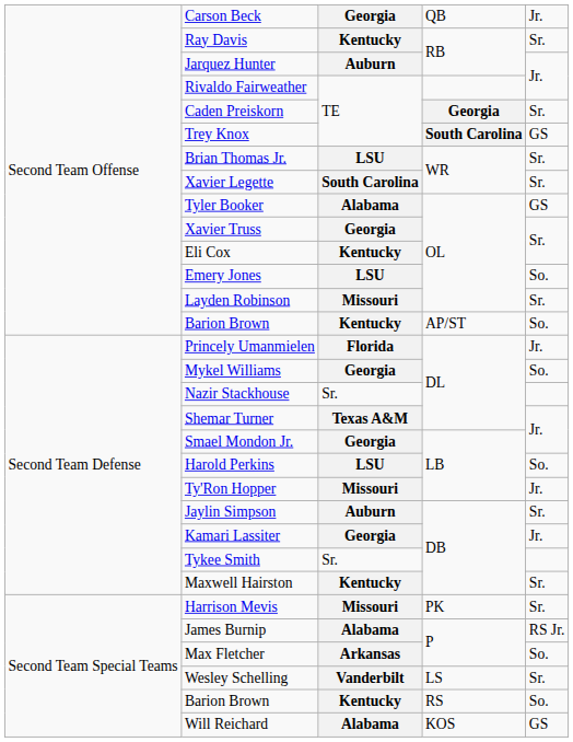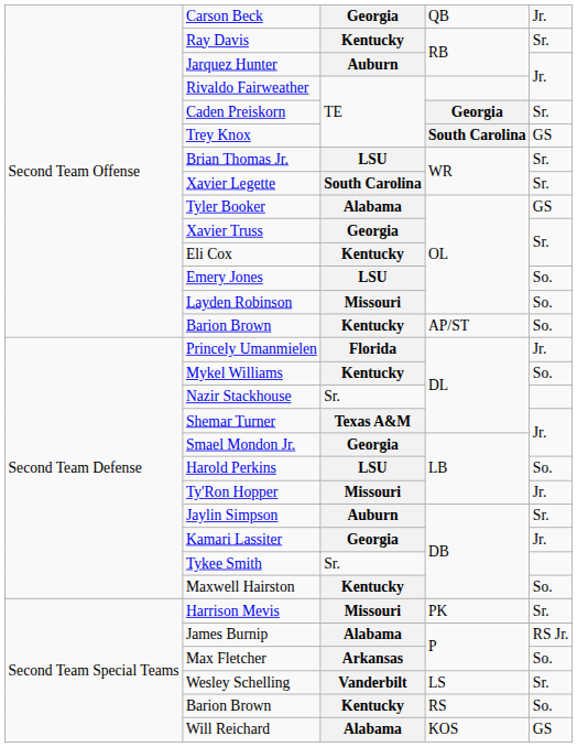 <table class="wikitable">
 <tr>
 <td rowspan=14>Second Team Offense</td>
 <td><a href='#'>Carson Beck</a></td>
 <th>Georgia</th>
 <td>QB</td>
 <td>Jr.</td>
 </tr>
 <tr>
 <td><a href='#'>Ray Davis</a></td>
 <th>Kentucky</th>
 <td rowspan=2>RB</td>
 <td>Sr.</td>
 </tr>
 <tr>
 <td><a href='#'>Jarquez Hunter</a></td>
 <th>Auburn</th>
 <td rowspan=2>Jr.</td>
 </tr>
 <tr>
 <td><a href='#'>Rivaldo Fairweather</a></td>
 <td rowspan=3>TE</td>
 </tr>
 <tr>
 <td><a href='#'>Caden Preiskorn</a></td>
 <th>Georgia</th>
 <td>Sr.</td>
 </tr>
 <tr>
 <td><a href='#'>Trey Knox</a></td>
 <th>South Carolina</th>
 <td>GS</td>
 </tr>
 <tr>
 <td><a href='#'>Brian Thomas Jr.</a></td>
 <th>LSU</th>
 <td rowspan=2>WR</td>
 <td>Sr.</td>
 </tr>
 <tr>
 <td><a href='#'>Xavier Legette</a></td>
 <th>South Carolina</th>
 <td>Sr.</td>
 </tr>
 <tr>
 <td><a href='#'>Tyler Booker</a></td>
 <th>Alabama</th>
 <td rowspan=5>OL</td>
 <td>GS</td>
 </tr>
 <tr>
 <td><a href='#'>Xavier Truss</a></td>
 <th>Georgia</th>
 <td rowspan=2>Sr.</td>
 </tr>
 <tr>
 <td>Eli Cox</td>
 <th>Kentucky</th>
 </tr>
 <tr>
 <td><a href='#'>Emery Jones</a></td>
 <th>LSU</th>
 <td>So.</td>
 </tr>
 <tr>
 <td><a href='#'>Layden Robinson</a></td>
 <th>Missouri</th>
-<td>Sr.</td>
+<td>So.</td>
 </tr>
 <tr>
 <td><a href='#'>Barion Brown</a></td>
 <th>Kentucky</th>
 <td>AP/ST</td>
 <td>So.</td>
 </tr>
 <tr>
 <td rowspan=11>Second Team Defense</td>
 <td><a href='#'>Princely Umanmielen</a></td>
 <th>Florida</th>
 <td rowspan=4>DL</td>
 <td>Jr.</td>
 </tr>
 <tr>
 <td><a href='#'>Mykel Williams</a></td>
-<th>Georgia</th>
+<th>Kentucky</th>
 <td>So.</td>
 </tr>
 <tr>
 <td><a href='#'>Nazir Stackhouse</a></td>
 <td>Sr.</td>
 </tr>
 <tr>
 <td><a href='#'>Shemar Turner</a></td>
 <th>Texas A&M</th>
 <td rowspan=2>Jr.</td>
 </tr>
 <tr>
 <td><a href='#'>Smael Mondon Jr.</a></td>
 <th>Georgia</th>
 <td rowspan=3>LB</td>
 </tr>
 <tr>
 <td><a href='#'>Harold Perkins</a></td>
 <th>LSU</th>
 <td>So.</td>
 </tr>
 <tr>
 <td><a href='#'>Ty'Ron Hopper</a></td>
 <th>Missouri</th>
 <td>Jr.</td>
 </tr>
 <tr>
 <td><a href='#'>Jaylin Simpson</a></td>
 <th>Auburn</th>
 <td rowspan=4>DB</td>
 <td>Sr.</td>
 </tr>
 <tr>
 <td><a href='#'>Kamari Lassiter</a></td>
 <th>Georgia</th>
 <td>Jr.</td>
 </tr>
 <tr>
 <td><a href='#'>Tykee Smith</a></td>
 <td>Sr.</td>
 </tr>
 <tr>
 <td>Maxwell Hairston</td>
 <th>Kentucky</th>
-<td>Sr.</td>
+<td>So.</td>
 </tr>
 <tr>
 <td rowspan=6>Second Team Special Teams</td>
 <td><a href='#'>Harrison Mevis</a></td>
 <th>Missouri</th>
 <td>PK</td>
 <td>Sr.</td>
 </tr>
 <tr>
 <td>James Burnip</td>
 <th>Alabama</th>
 <td rowspan=2>P</td>
 <td>RS Jr.</td>
 </tr>
 <tr>
 <td>Max Fletcher</td>
 <th>Arkansas</th>
 <td>So.</td>
 </tr>
 <tr>
 <td>Wesley Schelling</td>
 <th>Vanderbilt</th>
 <td>LS</td>
 <td>Sr.</td>
 </tr>
 <tr>
 <td>Barion Brown</td>
 <th>Kentucky</th>
 <td>RS</td>
 <td>So.</td>
 </tr>
 <tr>
 <td>Will Reichard</td>
 <th>Alabama</th>
 <td>KOS</td>
 <td>GS</td>
 </tr>
 </table>
